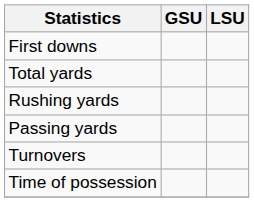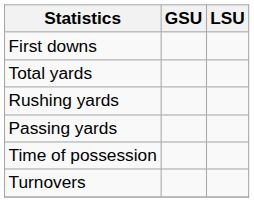 <table class="wikitable" style="float: left;">
 <tr>
 <th>Statistics</th>
 <th>GSU</th>
 <th>LSU</th>
 </tr>
 <tr>
 <td>First downs</td>
 <td></td>
 <td></td>
 </tr>
 <tr>
 <td>Total yards</td>
 <td></td>
 <td></td>
 </tr>
 <tr>
 <td>Rushing yards</td>
 <td></td>
 <td></td>
 </tr>
 <tr>
 <td>Passing yards</td>
 <td></td>
 <td></td>
 </tr>
 <tr>
-<td>Turnovers</td>
+<td>Time of possession</td>
 <td></td>
 <td></td>
 </tr>
 <tr>
-<td>Time of possession</td>
+<td>Turnovers</td>
 <td></td>
 <td></td>
 </tr>
 <tr>
 </tr>
 </table>
